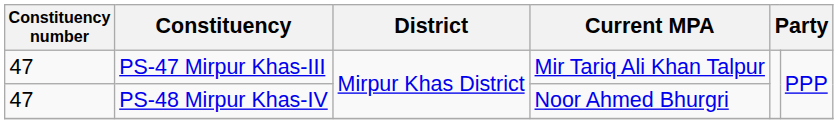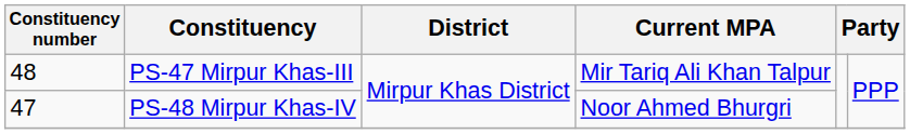 <table class="wikitable">
 <tr>
 <th width="50px" style="font-size:75%">Constituency number</th>
 <th>Constituency</th>
 <th>District</th>
 <th>Current MPA</th>
 <th colspan="2">Party</th>
 </tr>
 <tr>
-<td>47</td>
+<td>48</td>
 <td><a href='#'>PS-47 Mirpur Khas-III</a></td>
 <td rowspan="2"><a href='#'>Mirpur Khas District</a></td>
 <td><a href='#'>Mir Tariq Ali Khan Talpur</a></td>
 <td rowspan="2"></td>
 <td rowspan="2"><a href='#'>PPP</a></td>
 </tr>
 <tr>
 <td>47</td>
 <td><a href='#'>PS-48 Mirpur Khas-IV</a></td>
 <td><a href='#'>Noor Ahmed Bhurgri</a></td>
 </tr>
 <tr>
 </tr>
 </table>
